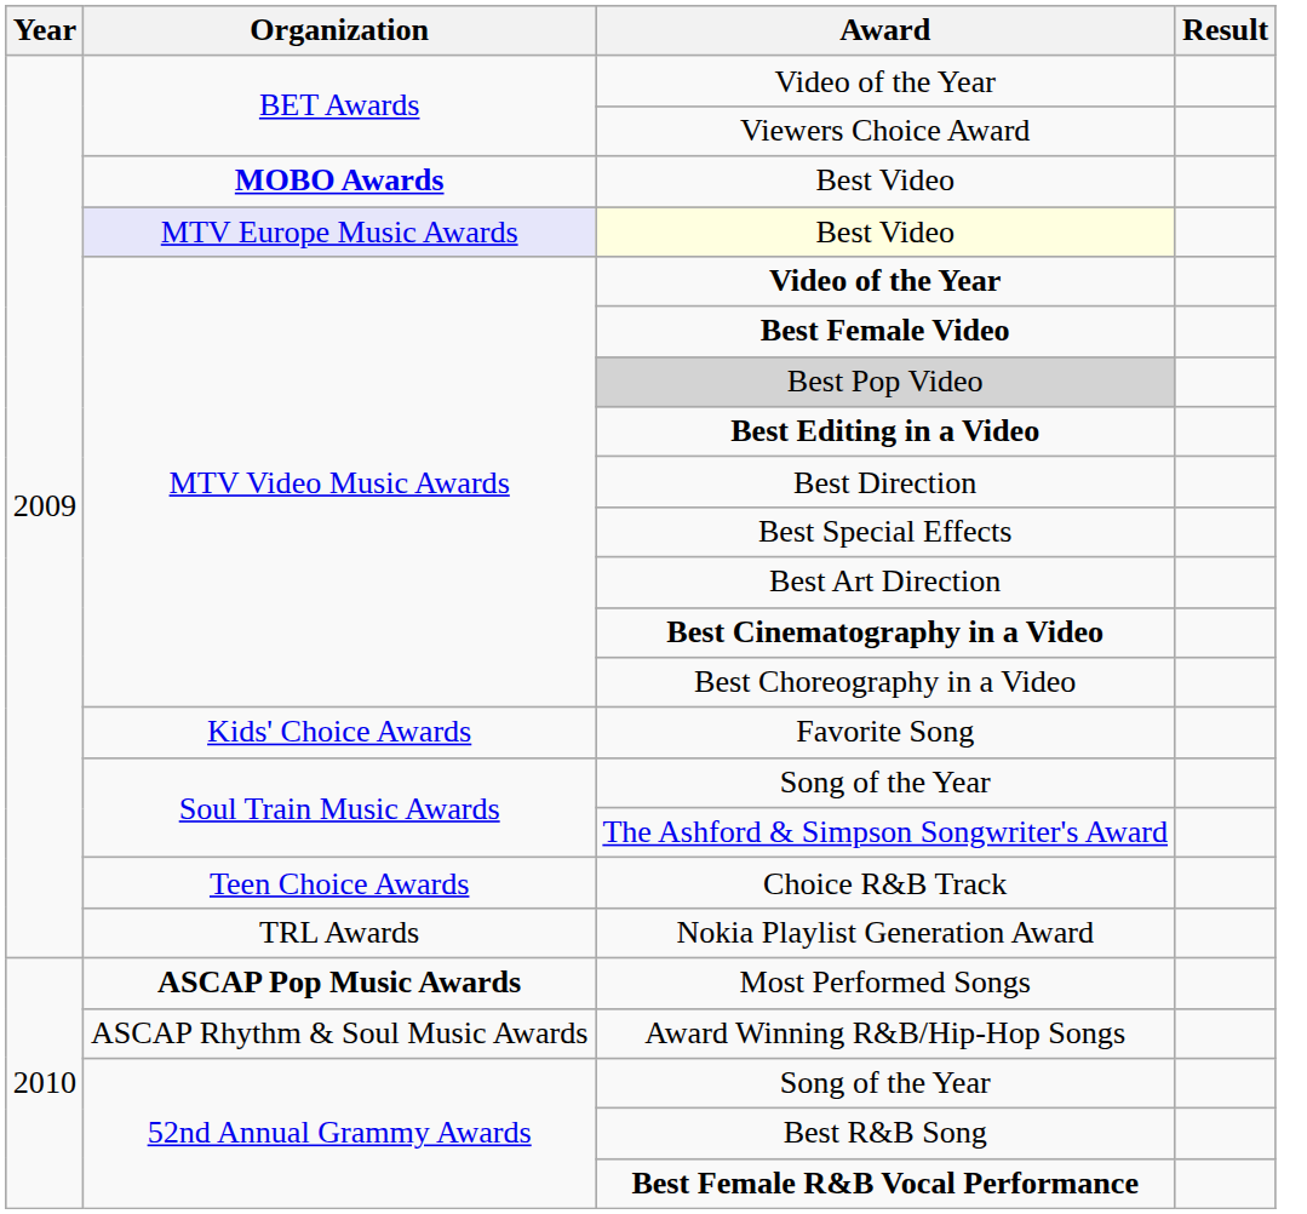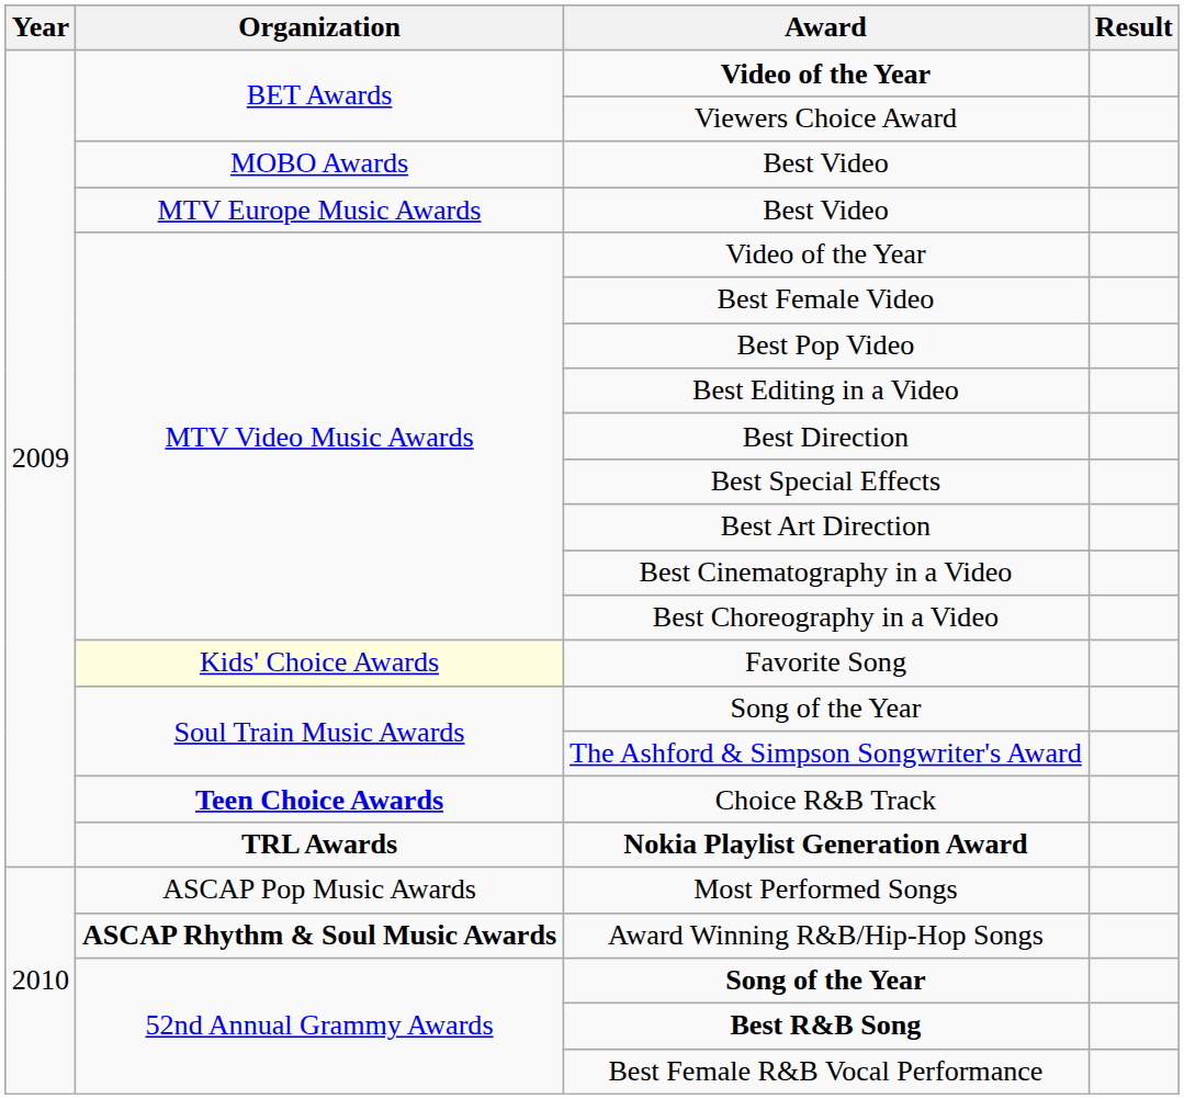 <table class="wikitable plainrowheaders" style="text-align:center;">
 <tr>
 <th>Year</th>
 <th>Organization</th>
 <th>Award</th>
 <th>Result</th>
 </tr>
 <tr>
 <td rowspan="18">2009</td>
 <td rowspan="2"><a href='#'>BET Awards</a></td>
-<td>Video of the Year</td>
+<td><strong>Video of the Year</strong></td>
 <td></td>
 </tr>
 <tr>
 <td>Viewers Choice Award</td>
 <td></td>
 </tr>
 <tr>
-<td><strong><a href='#'>MOBO Awards</a></strong></td>
+<td><a href='#'>MOBO Awards</a></td>
 <td>Best Video</td>
 <td></td>
 </tr>
 <tr>
-<td style="background: lavender;"><a href='#'>MTV Europe Music Awards</a></td>
-<td style="background: lightyellow;">Best Video</td>
+<td><a href='#'>MTV Europe Music Awards</a></td>
+<td>Best Video</td>
 <td></td>
 </tr>
 <tr>
 <td rowspan="9"><a href='#'>MTV Video Music Awards</a></td>
-<td><strong>Video of the Year</strong></td>
+<td>Video of the Year</td>
 <td></td>
 </tr>
 <tr>
-<td><strong>Best Female Video</strong></td>
+<td>Best Female Video</td>
 <td></td>
 </tr>
 <tr>
-<td style="background: lightgrey;">Best Pop Video</td>
+<td>Best Pop Video</td>
 <td></td>
 </tr>
 <tr>
-<td><strong>Best Editing in a Video</strong></td>
+<td>Best Editing in a Video</td>
 <td></td>
 </tr>
 <tr>
 <td>Best Direction</td>
 <td></td>
 </tr>
 <tr>
 <td>Best Special Effects</td>
 <td></td>
 </tr>
 <tr>
 <td>Best Art Direction</td>
 <td></td>
 </tr>
 <tr>
-<td><strong>Best Cinematography in a Video</strong></td>
+<td>Best Cinematography in a Video</td>
 <td></td>
 </tr>
 <tr>
 <td>Best Choreography in a Video</td>
 <td></td>
 </tr>
 <tr>
-<td><a href='#'>Kids' Choice Awards</a></td>
+<td style="background: lightyellow;"><a href='#'>Kids' Choice Awards</a></td>
 <td>Favorite Song</td>
 <td></td>
 </tr>
 <tr>
 <td rowspan=2><a href='#'>Soul Train Music Awards</a></td>
 <td>Song of the Year</td>
 <td></td>
 </tr>
 <tr>
 <td><a href='#'>The Ashford & Simpson Songwriter's Award</a></td>
 <td></td>
 </tr>
 <tr>
-<td><a href='#'>Teen Choice Awards</a></td>
+<td><strong><a href='#'>Teen Choice Awards</a></strong></td>
 <td>Choice R&B Track</td>
 <td></td>
 </tr>
 <tr>
-<td>TRL Awards</td>
-<td>Nokia Playlist Generation Award</td>
+<td><strong>TRL Awards</strong></td>
+<td><strong>Nokia Playlist Generation Award</strong></td>
 <td></td>
 </tr>
 <tr>
 <td rowspan="5">2010</td>
-<td><strong>ASCAP Pop Music Awards</strong></td>
+<td>ASCAP Pop Music Awards</td>
 <td>Most Performed Songs</td>
 <td></td>
 </tr>
 <tr>
-<td>ASCAP Rhythm & Soul Music Awards</td>
+<td><strong>ASCAP Rhythm & Soul Music Awards</strong></td>
 <td>Award Winning R&B/Hip-Hop Songs</td>
 <td></td>
 </tr>
 <tr>
 <td rowspan="3"><a href='#'>52nd Annual Grammy Awards</a></td>
-<td>Song of the Year</td>
+<td><strong>Song of the Year</strong></td>
 <td></td>
 </tr>
 <tr>
-<td>Best R&B Song</td>
+<td><strong>Best R&B Song</strong></td>
 <td></td>
 </tr>
 <tr>
-<td><strong>Best Female R&B Vocal Performance</strong></td>
+<td>Best Female R&B Vocal Performance</td>
 <td></td>
 </tr>
 </table>
